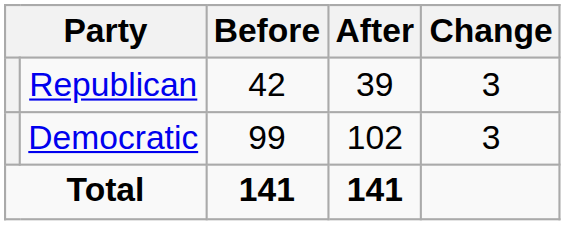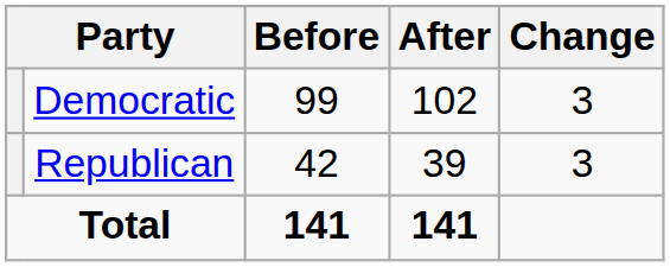 <table class="wikitable" style="text-align:center;">
 <tr>
 <th colspan=2>Party</th>
 <th>Before</th>
 <th>After</th>
 <th>Change</th>
 </tr>
 <tr>
 <th style="background-color:"></th>
-<td><a href='#'>Republican</a></td>
-<td>42</td>
-<td>39</td>
+<td><a href='#'>Democratic</a></td>
+<td>99</td>
+<td>102</td>
 <td>3</td>
 </tr>
 <tr>
 <th style="background-color:"></th>
-<td><a href='#'>Democratic</a></td>
-<td>99</td>
-<td>102</td>
+<td><a href='#'>Republican</a></td>
+<td>42</td>
+<td>39</td>
 <td>3</td>
 </tr>
 <tr>
 <td colspan=2><strong>Total</strong></td>
 <td><strong>141</strong></td>
 <td><strong>141</strong></td>
 <td></td>
 </tr>
 </table>
